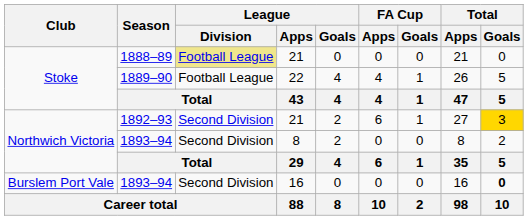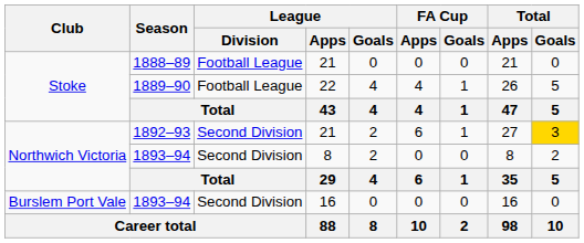 <table class="wikitable" style="text-align: center;">
 <tr>
 <th rowspan="2">Club</th>
 <th rowspan="2">Season</th>
 <th colspan="3">League</th>
 <th colspan="2">FA Cup</th>
 <th colspan="2">Total</th>
 </tr>
 <tr>
 <th>Division</th>
 <th>Apps</th>
 <th>Goals</th>
 <th>Apps</th>
 <th>Goals</th>
 <th>Apps</th>
 <th>Goals</th>
 </tr>
 <tr>
 <td rowspan="3"><a href='#'>Stoke</a></td>
 <td><a href='#'>1888–89</a></td>
-<td style="background: khaki;"><a href='#'>Football League</a></td>
+<td><a href='#'>Football League</a></td>
 <td>21</td>
 <td>0</td>
 <td>0</td>
 <td>0</td>
 <td>21</td>
 <td>0</td>
 </tr>
 <tr>
 <td><a href='#'>1889–90</a></td>
 <td>Football League</td>
 <td>22</td>
 <td>4</td>
 <td>4</td>
 <td>1</td>
 <td>26</td>
 <td>5</td>
 </tr>
 <tr>
 <th colspan="2">Total</th>
 <th>43</th>
 <th>4</th>
 <th>4</th>
 <th>1</th>
 <th>47</th>
 <th>5</th>
 </tr>
 <tr>
 <td rowspan=3><a href='#'>Northwich Victoria</a></td>
 <td><a href='#'>1892–93</a></td>
 <td><a href='#'>Second Division</a></td>
 <td>21</td>
 <td>2</td>
 <td>6</td>
 <td>1</td>
 <td>27</td>
 <td style="background: gold;">3</td>
 </tr>
 <tr>
 <td><a href='#'>1893–94</a></td>
 <td>Second Division</td>
 <td>8</td>
 <td>2</td>
 <td>0</td>
 <td>0</td>
 <td>8</td>
 <td>2</td>
 </tr>
 <tr>
 <th colspan="2">Total</th>
 <th>29</th>
 <th>4</th>
 <th>6</th>
 <th>1</th>
 <th>35</th>
 <th>5</th>
 </tr>
 <tr>
 <td><a href='#'>Burslem Port Vale</a></td>
 <td><a href='#'>1893–94</a></td>
 <td>Second Division</td>
 <td>16</td>
 <td>0</td>
 <td>0</td>
 <td>0</td>
 <td>16</td>
-<td><strong>0</strong></td>
+<td>0</td>
 </tr>
 <tr>
 <th colspan="3">Career total</th>
 <th>88</th>
 <th>8</th>
 <th>10</th>
 <th>2</th>
 <th>98</th>
 <th>10</th>
 </tr>
 </table>
